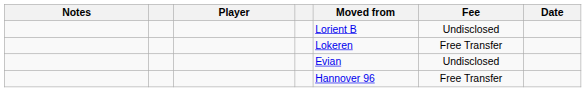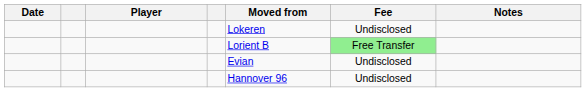 <table class="wikitable sortable">
 <tr>
-<th style="width:215px;" class="unsortable">Notes</th>
+<th style="width:80px;">Date</th>
 <th style="width:30px;"></th>
 <th style="width:180px;">Player</th>
 <th style="width:20px;"></th>
 <th style="width:155px;">Moved from</th>
 <th style="width:155px;" class="unsortable">Fee</th>
-<th style="width:80px;">Date</th>
+<th style="width:215px;" class="unsortable">Notes</th>
 </tr>
 <tr>
+<td></td>
 <td align=center></td>
+<td> </td>
+<td></td>
+<td> <a href='#'>Lokeren</a></td>
+<td align=center>Undisclosed</td>
+<td align=center></td>
+</tr>
+<tr>
+<td></td>
 <td align=center></td>
 <td> </td>
 <td></td>
 <td> <a href='#'>Lorient B</a></td>
-<td align=center>Undisclosed</td>
-<td></td>
+<td align=center style="background: lightgreen;">Free Transfer</td>
+<td align=center></td>
 </tr>
 <tr>
-<td align=center></td>
-<td align=center></td>
-<td> </td>
 <td></td>
-<td> <a href='#'>Lokeren</a></td>
-<td align=center>Free Transfer</td>
-<td></td>
-</tr>
-<tr>
-<td align=center></td>
 <td align=center></td>
 <td> </td>
 <td></td>
 <td> <a href='#'>Evian</a></td>
 <td align=center>Undisclosed</td>
-<td></td>
+<td align=center></td>
 </tr>
 <tr>
-<td align=center></td>
+<td></td>
 <td align=center></td>
 <td> </td>
 <td></td>
 <td> <a href='#'>Hannover 96</a></td>
-<td align=center>Free Transfer</td>
-<td></td>
+<td align=center>Undisclosed</td>
+<td align=center></td>
 </tr>
 </table>
